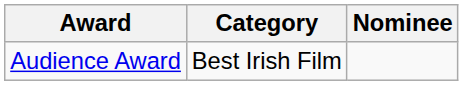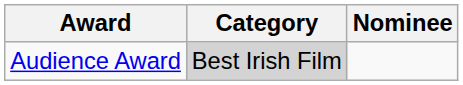 <table class="wikitable sortable">
 <tr>
 <th>Award</th>
 <th>Category</th>
 <th>Nominee</th>
 </tr>
 <tr>
 <td rowspan="2"><a href='#'>Audience Award</a></td>
-<td>Best Irish Film</td>
+<td style="background: lightgrey;">Best Irish Film</td>
 <td></td>
 </tr>
 </table>
